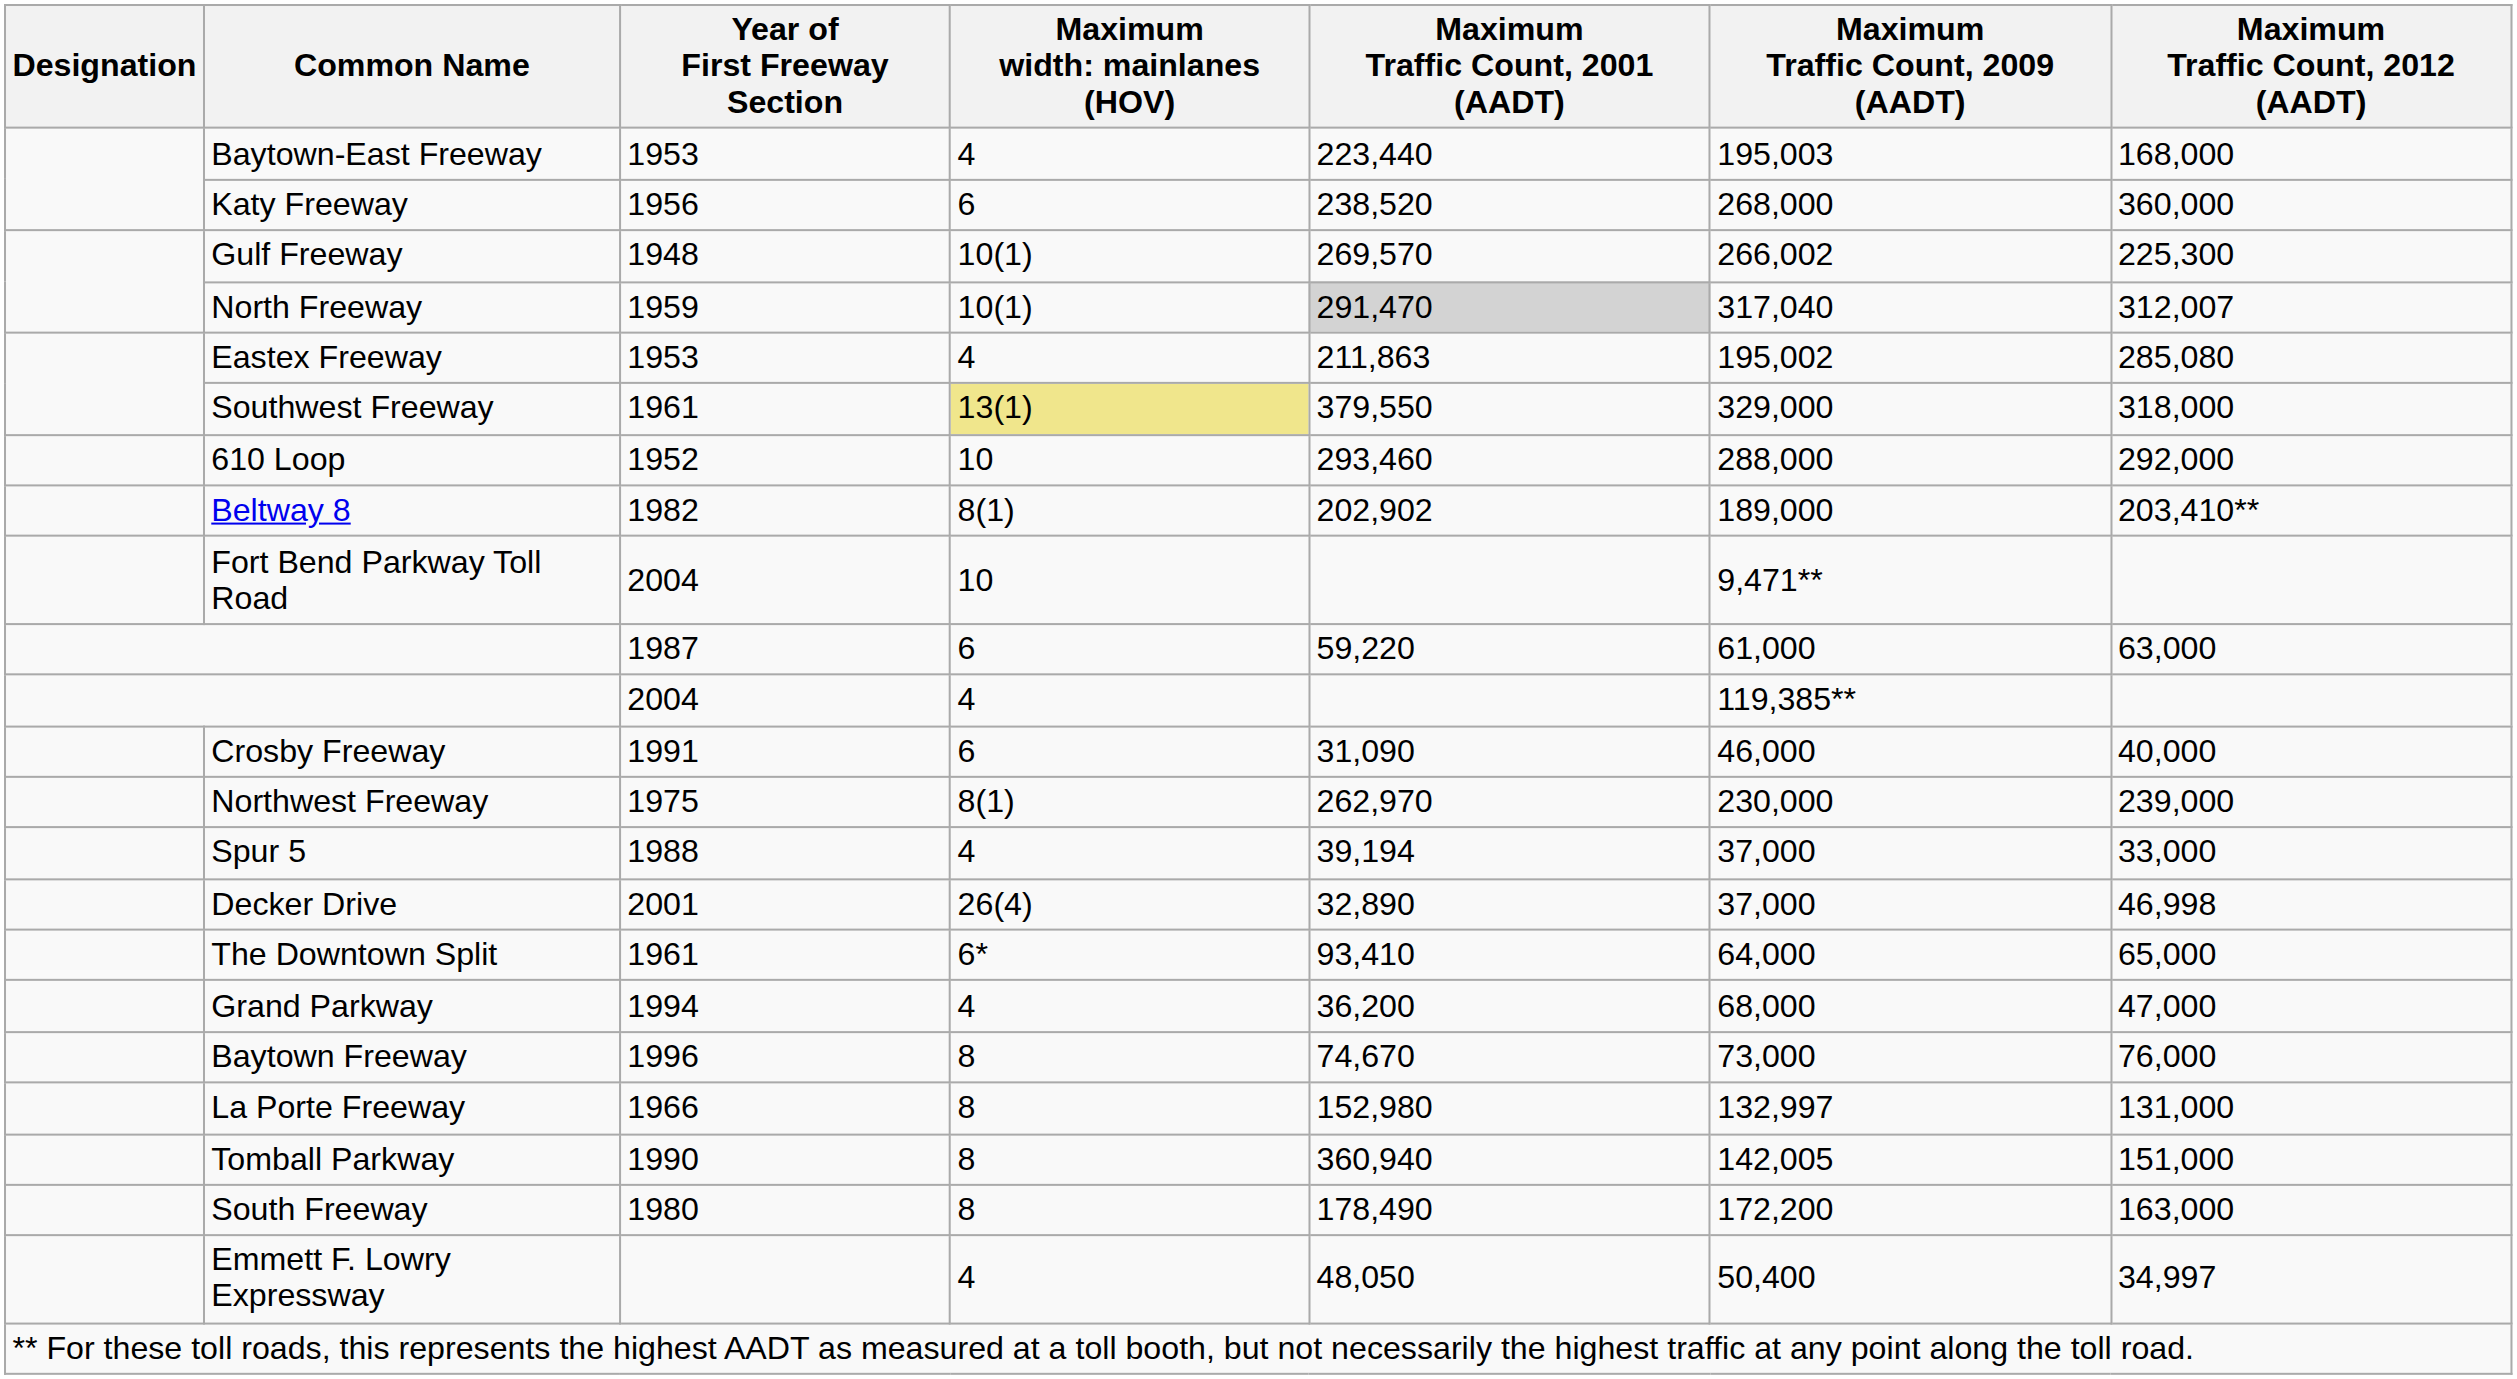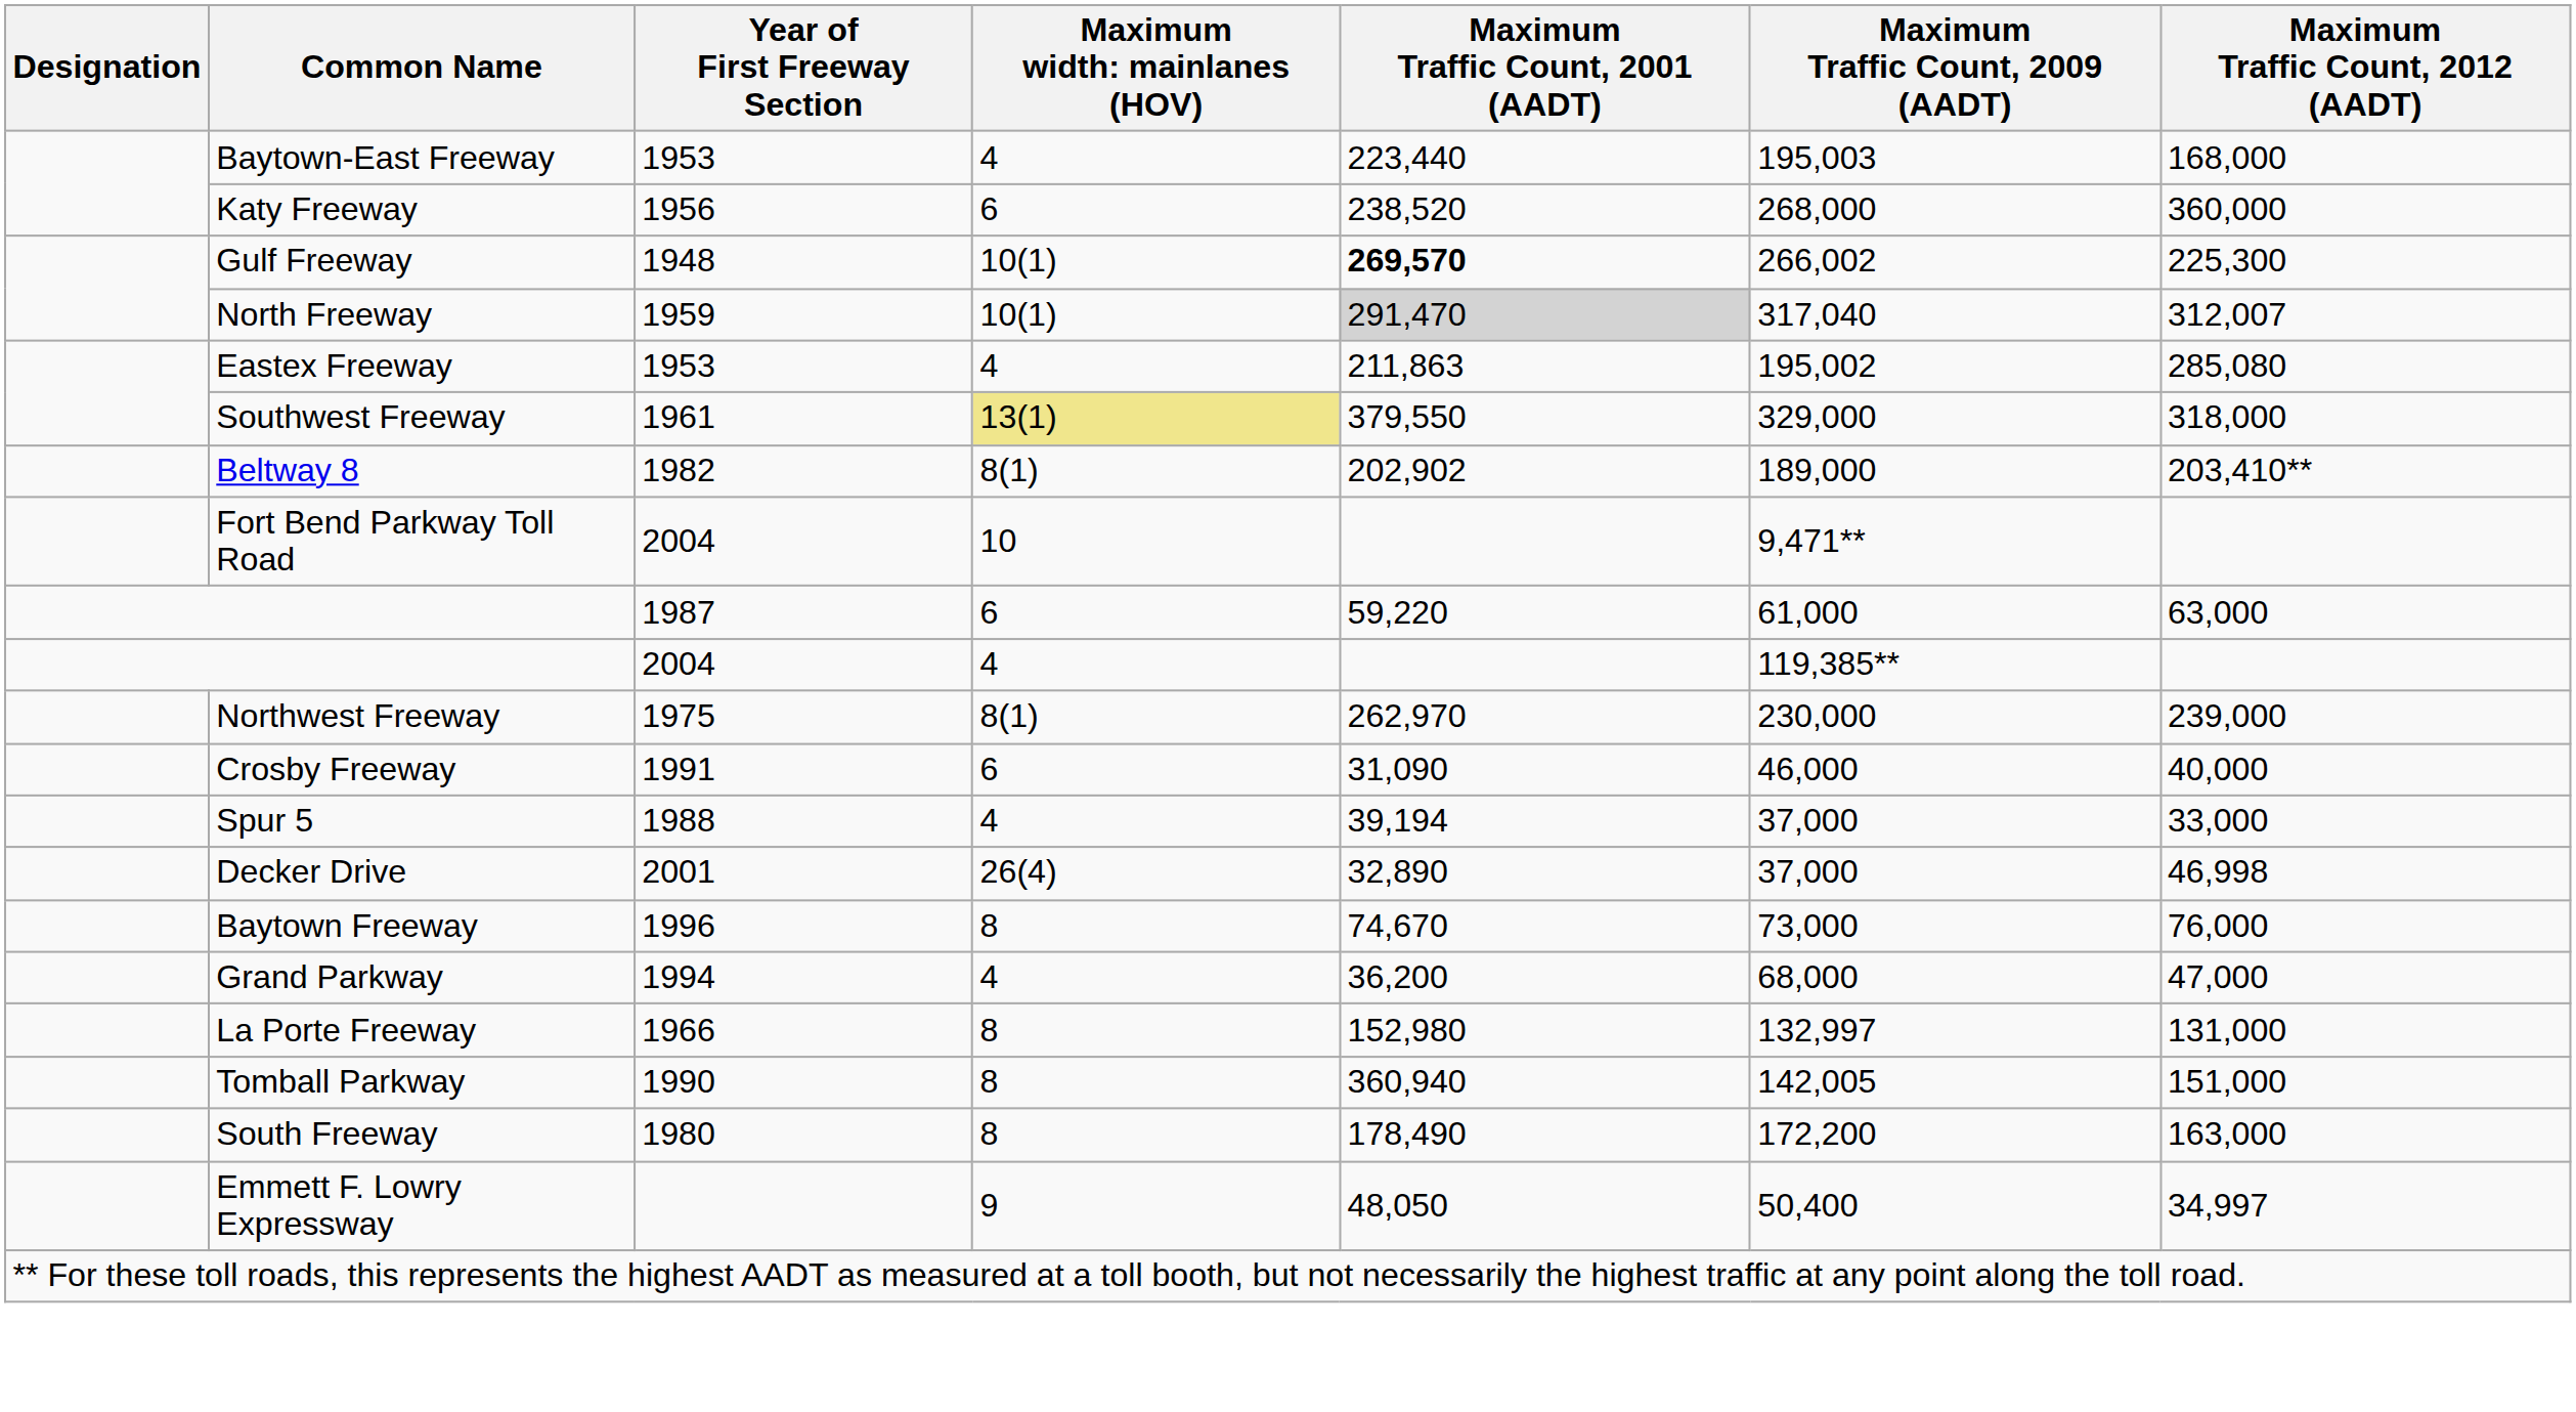 <table class="wikitable">
 <tr>
 <th>Designation</th>
 <th>Common Name</th>
 <th>Year of<br>First Freeway Section</th>
 <th>Maximum<br>width: mainlanes (HOV)</th>
 <th>Maximum<br>Traffic Count, 2001 (AADT)</th>
 <th>Maximum<br>Traffic Count, 2009 (AADT)</th>
 <th>Maximum<br>Traffic Count, 2012 (AADT)</th>
 </tr>
 <tr>
 <td rowspan="2"></td>
 <td>Baytown-East Freeway</td>
 <td>1953</td>
 <td>4</td>
 <td>223,440</td>
 <td>195,003</td>
 <td>168,000</td>
 </tr>
 <tr>
 <td>Katy Freeway</td>
 <td>1956</td>
 <td>6</td>
 <td>238,520</td>
 <td>268,000</td>
 <td>360,000</td>
 </tr>
 <tr>
 <td rowspan="2"></td>
 <td>Gulf Freeway</td>
 <td>1948</td>
 <td>10(1)</td>
-<td>269,570</td>
+<td><strong>269,570</strong></td>
 <td>266,002</td>
 <td>225,300</td>
 </tr>
 <tr>
 <td>North Freeway</td>
 <td>1959</td>
 <td>10(1)</td>
 <td style="background: lightgrey;">291,470</td>
 <td>317,040</td>
 <td>312,007</td>
 </tr>
 <tr>
 <td rowspan="2"></td>
 <td>Eastex Freeway</td>
 <td>1953</td>
 <td>4</td>
 <td>211,863</td>
 <td>195,002</td>
 <td>285,080</td>
 </tr>
 <tr>
 <td>Southwest Freeway</td>
 <td>1961</td>
 <td style="background: khaki;">13(1)</td>
 <td>379,550</td>
 <td>329,000</td>
 <td>318,000</td>
-</tr>
-<tr>
-<td></td>
-<td>610 Loop</td>
-<td>1952</td>
-<td>10</td>
-<td>293,460</td>
-<td>288,000</td>
-<td>292,000</td>
 </tr>
 <tr>
 <td></td>
 <td><a href='#'>Beltway 8</a></td>
 <td>1982</td>
 <td>8(1)</td>
 <td>202,902</td>
 <td>189,000</td>
 <td>203,410**</td>
 </tr>
 <tr>
 <td></td>
 <td>Fort Bend Parkway Toll Road</td>
 <td>2004</td>
 <td>10</td>
 <td></td>
 <td>9,471**</td>
 </tr>
 <tr>
 <td colspan="2"></td>
 <td>1987</td>
 <td>6</td>
 <td>59,220</td>
 <td>61,000</td>
 <td>63,000</td>
 </tr>
 <tr>
 <td colspan="2"></td>
 <td>2004</td>
 <td>4</td>
 <td></td>
 <td>119,385**</td>
 </tr>
 <tr>
 <td></td>
+<td>Northwest Freeway</td>
+<td>1975</td>
+<td>8(1)</td>
+<td>262,970</td>
+<td>230,000</td>
+<td>239,000</td>
+</tr>
+<tr>
+<td></td>
 <td>Crosby Freeway</td>
 <td>1991</td>
 <td>6</td>
 <td>31,090</td>
 <td>46,000</td>
 <td>40,000</td>
-</tr>
-<tr>
-<td></td>
-<td>Northwest Freeway</td>
-<td>1975</td>
-<td>8(1)</td>
-<td>262,970</td>
-<td>230,000</td>
-<td>239,000</td>
 </tr>
 <tr>
 <td></td>
 <td>Spur 5</td>
 <td>1988</td>
 <td>4</td>
 <td>39,194</td>
 <td>37,000</td>
 <td>33,000</td>
 </tr>
 <tr>
 <td></td>
 <td>Decker Drive</td>
 <td>2001</td>
 <td>26(4)</td>
 <td>32,890</td>
 <td>37,000</td>
 <td>46,998</td>
 </tr>
 <tr>
 <td></td>
-<td>The Downtown Split</td>
-<td>1961</td>
-<td>6*</td>
-<td>93,410</td>
-<td>64,000</td>
-<td>65,000</td>
+<td>Baytown Freeway</td>
+<td>1996</td>
+<td>8</td>
+<td>74,670</td>
+<td>73,000</td>
+<td>76,000</td>
 </tr>
 <tr>
 <td></td>
 <td>Grand Parkway</td>
 <td>1994</td>
 <td>4</td>
 <td>36,200</td>
 <td>68,000</td>
 <td>47,000</td>
-</tr>
-<tr>
-<td></td>
-<td>Baytown Freeway</td>
-<td>1996</td>
-<td>8</td>
-<td>74,670</td>
-<td>73,000</td>
-<td>76,000</td>
 </tr>
 <tr>
 <td></td>
 <td>La Porte Freeway</td>
 <td>1966</td>
 <td>8</td>
 <td>152,980</td>
 <td>132,997</td>
 <td>131,000</td>
 </tr>
 <tr>
 <td></td>
 <td>Tomball Parkway</td>
 <td>1990</td>
 <td>8</td>
 <td>360,940</td>
 <td>142,005</td>
 <td>151,000</td>
 </tr>
 <tr>
 <td></td>
 <td>South Freeway</td>
 <td>1980</td>
 <td>8</td>
 <td>178,490</td>
 <td>172,200</td>
 <td>163,000</td>
 </tr>
 <tr>
 <td></td>
 <td>Emmett F. Lowry Expressway</td>
 <td></td>
-<td>4</td>
+<td>9</td>
 <td>48,050</td>
 <td>50,400</td>
 <td>34,997</td>
 </tr>
 <tr>
 <td colspan="7">** For these toll roads, this represents the highest AADT as measured at a toll booth, but not necessarily the highest traffic at any point along the toll road.</td>
 </tr>
 </table>
